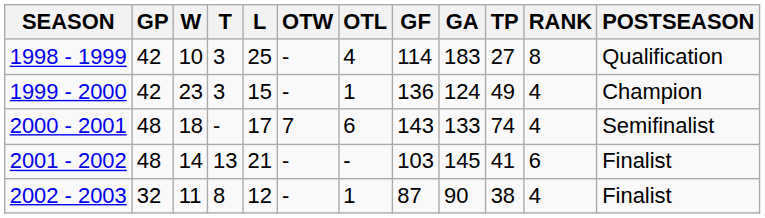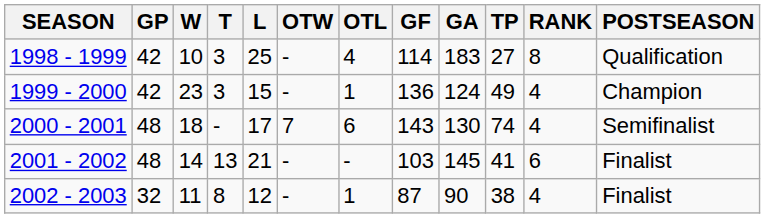 <table class="wikitable">
 <tr>
 <th>SEASON</th>
 <th>GP</th>
 <th>W</th>
 <th>T</th>
 <th>L</th>
 <th>OTW</th>
 <th>OTL</th>
 <th>GF</th>
 <th>GA</th>
 <th>TP</th>
 <th>RANK</th>
 <th>POSTSEASON</th>
 </tr>
 <tr>
 <td><a href='#'>1998 - 1999</a></td>
 <td>42</td>
 <td>10</td>
 <td>3</td>
 <td>25</td>
 <td>-</td>
 <td>4</td>
 <td>114</td>
 <td>183</td>
 <td>27</td>
 <td>8</td>
 <td>Qualification</td>
 </tr>
 <tr -style="background:#fbd009">
 <td><a href='#'>1999 - 2000</a></td>
 <td>42</td>
 <td>23</td>
 <td>3</td>
 <td>15</td>
 <td>-</td>
 <td>1</td>
 <td>136</td>
 <td>124</td>
 <td>49</td>
 <td>4</td>
 <td>Champion</td>
 </tr>
 <tr -style="background:#D3D3D3">
 <td><a href='#'>2000 - 2001</a></td>
 <td>48</td>
 <td>18</td>
 <td>-</td>
 <td>17</td>
 <td>7</td>
 <td>6</td>
 <td>143</td>
-<td>133</td>
+<td>130</td>
 <td>74</td>
 <td>4</td>
 <td>Semifinalist</td>
 </tr>
 <tr>
 <td><a href='#'>2001 - 2002</a></td>
 <td>48</td>
 <td>14</td>
 <td>13</td>
 <td>21</td>
 <td>-</td>
 <td>-</td>
 <td>103</td>
 <td>145</td>
 <td>41</td>
 <td>6</td>
 <td>Finalist</td>
 </tr>
 <tr -style="background:#D3D3D3">
 <td><a href='#'>2002 - 2003</a></td>
 <td>32</td>
 <td>11</td>
 <td>8</td>
 <td>12</td>
 <td>-</td>
 <td>1</td>
 <td>87</td>
 <td>90</td>
 <td>38</td>
 <td>4</td>
 <td>Finalist</td>
 </tr>
 </table>
